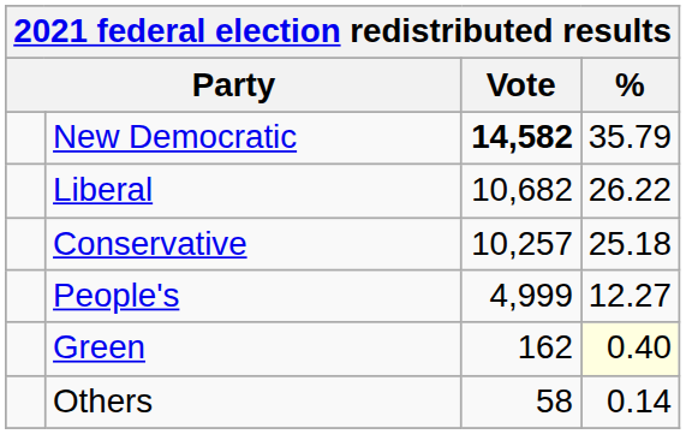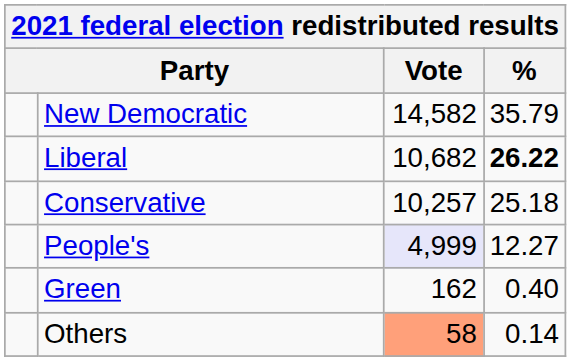 <table class="wikitable">
 <tr>
 <th colspan="4"><a href='#'>2021 federal election</a> redistributed results</th>
 </tr>
 <tr>
 <th bgcolor="#DDDDFF" width="130px" colspan="2">Party</th>
 <th bgcolor="#DDDDFF" width="50px">Vote</th>
 <th bgcolor="#DDDDFF" width="30px">%</th>
 </tr>
 <tr>
 <td> </td>
 <td><a href='#'>New Democratic</a></td>
-<td align=right><strong>14,582</strong></td>
+<td align=right>14,582</td>
 <td align=right>35.79</td>
 </tr>
 <tr>
 <td> </td>
 <td><a href='#'>Liberal</a></td>
 <td align=right>10,682</td>
-<td align=right>26.22</td>
+<td align=right><strong>26.22</strong></td>
 </tr>
 <tr>
 <td> </td>
 <td><a href='#'>Conservative</a></td>
 <td align=right>10,257</td>
 <td align=right>25.18</td>
 </tr>
 <tr>
 <td> </td>
 <td><a href='#'>People's</a></td>
-<td align=right>4,999</td>
+<td align=right style="background: lavender;">4,999</td>
 <td align=right>12.27</td>
 </tr>
 <tr>
 <td> </td>
 <td><a href='#'>Green</a></td>
 <td align=right>162</td>
-<td align=right style="background: lightyellow;">0.40</td>
+<td align=right>0.40</td>
 </tr>
 <tr>
 <td> </td>
 <td>Others</td>
-<td align=right>58</td>
+<td align=right style="background: lightsalmon;">58</td>
 <td align=right>0.14</td>
 </tr>
 </table>
